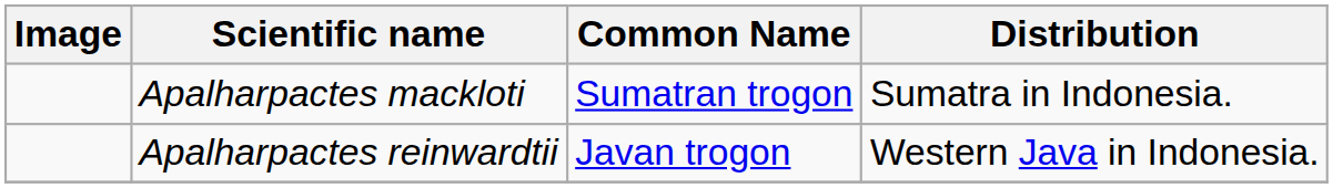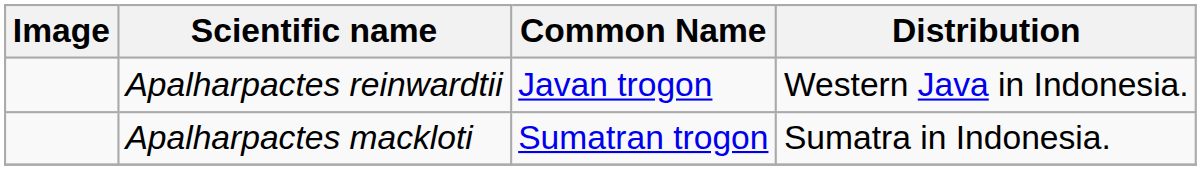 <table class="wikitable">
 <tr>
 <th>Image</th>
 <th>Scientific name</th>
 <th>Common Name</th>
 <th>Distribution</th>
 </tr>
 <tr>
 <td></td>
+<td><em>Apalharpactes reinwardtii</em></td>
+<td><a href='#'>Javan trogon</a></td>
+<td>Western <a href='#'>Java</a> in Indonesia.</td>
+</tr>
+<tr>
+<td></td>
 <td><em>Apalharpactes mackloti</em></td>
 <td><a href='#'>Sumatran trogon</a></td>
 <td>Sumatra in Indonesia.</td>
 </tr>
 <tr>
-<td></td>
-<td><em>Apalharpactes reinwardtii</em></td>
-<td><a href='#'>Javan trogon</a></td>
-<td>Western <a href='#'>Java</a> in Indonesia.</td>
-</tr>
-<tr>
 </tr>
 </table>
